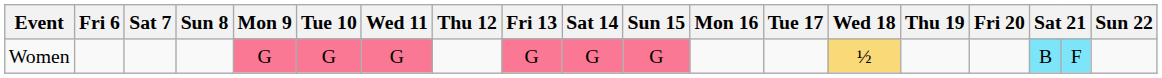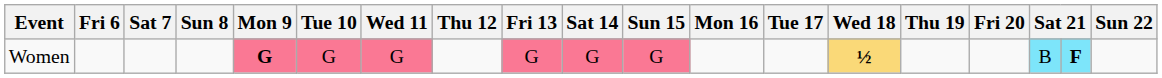 <table class="wikitable" style="margin:0.5em auto; font-size:90%; line-height:1.25em; text-align:center">
 <tr>
 <th>Event</th>
 <th>Fri 6</th>
 <th>Sat 7</th>
 <th>Sun 8</th>
 <th>Mon 9</th>
 <th>Tue 10</th>
 <th>Wed 11</th>
 <th>Thu 12</th>
 <th>Fri 13</th>
 <th>Sat 14</th>
 <th>Sun 15</th>
 <th>Mon 16</th>
 <th>Tue 17</th>
 <th>Wed 18</th>
 <th>Thu 19</th>
 <th>Fri 20</th>
 <th colspan="2">Sat 21</th>
 <th colspan="2">Sun 22</th>
 </tr>
 <tr>
 <td>Women</td>
 <td></td>
 <td></td>
 <td></td>
-<td bgcolor="#FA7894">G</td>
+<td bgcolor="#FA7894"><strong>G</strong></td>
 <td bgcolor="#FA7894">G</td>
 <td bgcolor="#FA7894">G</td>
 <td></td>
 <td bgcolor="#FA7894">G</td>
 <td bgcolor="#FA7894">G</td>
 <td bgcolor="#FA7894">G</td>
 <td></td>
 <td></td>
-<td bgcolor="#FAD978">½</td>
+<td bgcolor="#FAD978"><strong>½</strong></td>
 <td></td>
 <td></td>
 <td bgcolor="#7DE5FA">B</td>
-<td bgcolor="#7DE5FA">F</td>
+<td bgcolor="#7DE5FA"><strong>F</strong></td>
 <td colspan="2"></td>
 </tr>
 </table>
